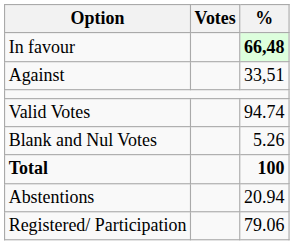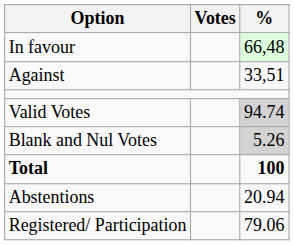 <table class="wikitable" style="text-align:right">
 <tr>
 <th scope=col>Option</th>
 <th scope=col>Votes</th>
 <th scope=col>%</th>
 </tr>
 <tr>
 <td align=left>In favour</td>
 <td></td>
-<td bgcolor=#DDFFDD><strong>66,48</strong></td>
+<td bgcolor=#DDFFDD>66,48</td>
 </tr>
 <tr>
 <td align=left>Against</td>
 <td></td>
 <td>33,51</td>
 </tr>
 <tr>
 <td colspan="5"></td>
 </tr>
 <tr>
 <td align=left>Valid Votes</td>
 <td></td>
-<td>94.74</td>
+<td style="background: lightgrey;">94.74</td>
 </tr>
 <tr>
 <td align=left>Blank and Nul Votes</td>
 <td></td>
-<td>5.26</td>
+<td style="background: lightgrey;">5.26</td>
 </tr>
 <tr style=font-weight:bold>
 <td align="left">Total</td>
 <td></td>
 <td>100</td>
 </tr>
 <tr>
 <td align="left">Abstentions</td>
 <td></td>
 <td>20.94</td>
 </tr>
 <tr>
 <td align="left">Registered/ Participation</td>
 <td></td>
 <td>79.06</td>
 </tr>
 </table>
